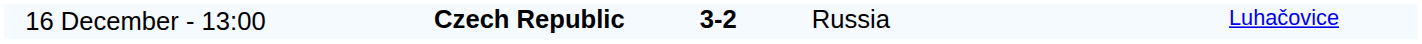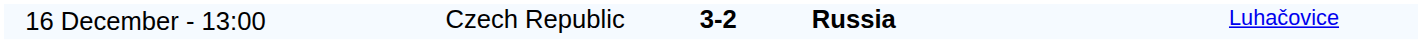 <table style="width: 100%; background:#F5FAFF;" cellspacing="0">
 <tr>
 <td align=center rowspan=3 width=20%>16 December - 13:00</td>
 </tr>
 <tr>
-<td width=24% align=right><strong>Czech Republic </strong></td>
+<td width=24% align=right>Czech Republic </td>
 <td align=center width=13%><strong>3-2</strong></td>
-<td width=24%> Russia</td>
+<td width=24%><strong> Russia</strong></td>
 <td style=font-size:85% rowspan=3 valign=top align=center><a href='#'>Luhačovice</a></td>
 </tr>
 <tr style=font-size:85%>
 <td align=right valign=top></td>
 <td></td>
 <td></td>
 </tr>
 </table>
